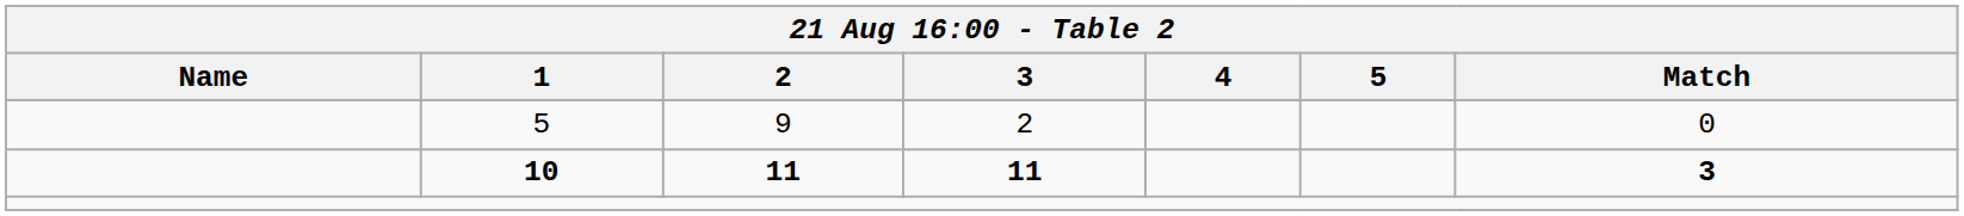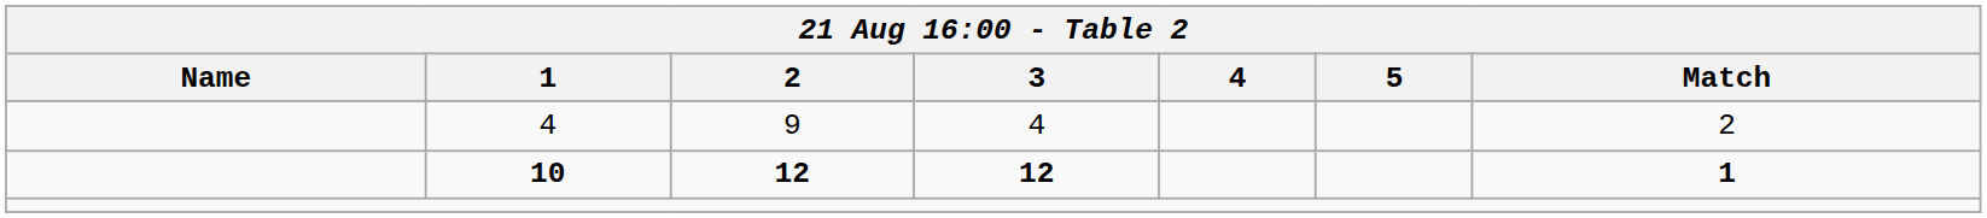 <table class=wikitable style="text-align:center; width: 55%">
 <tr>
 <th colspan=17><em>21 Aug 16:00 - Table 2</em></th>
 </tr>
 <tr>
 <th>Name</th>
 <th>1</th>
 <th>2</th>
 <th>3</th>
 <th>4</th>
 <th>5</th>
 <th>Match</th>
 </tr>
 <tr>
 <td style="text-align:left;"></td>
-<td>5</td>
+<td>4</td>
 <td>9</td>
-<td>2</td>
+<td>4</td>
 <td></td>
 <td></td>
-<td>0</td>
+<td>2</td>
 </tr>
 <tr>
 <td style="text-align:left;"><strong></strong></td>
 <td><strong>10</strong></td>
-<td><strong>11</strong></td>
-<td><strong>11</strong></td>
+<td><strong>12</strong></td>
+<td><strong>12</strong></td>
 <td></td>
 <td></td>
-<td><strong>3</strong></td>
+<td><strong>1</strong></td>
 </tr>
 <tr>
 <td colspan=17></td>
 </tr>
 </table>
